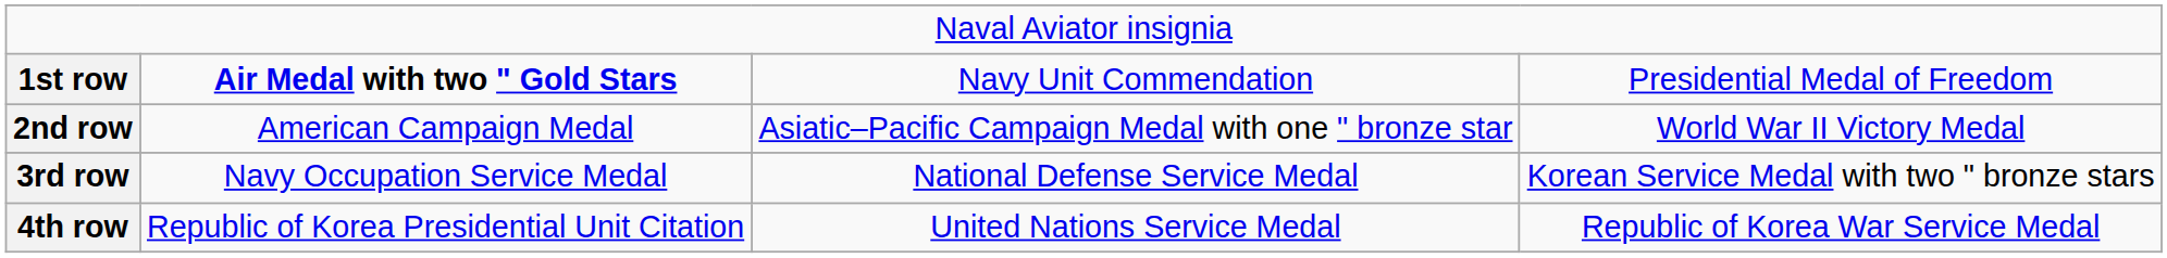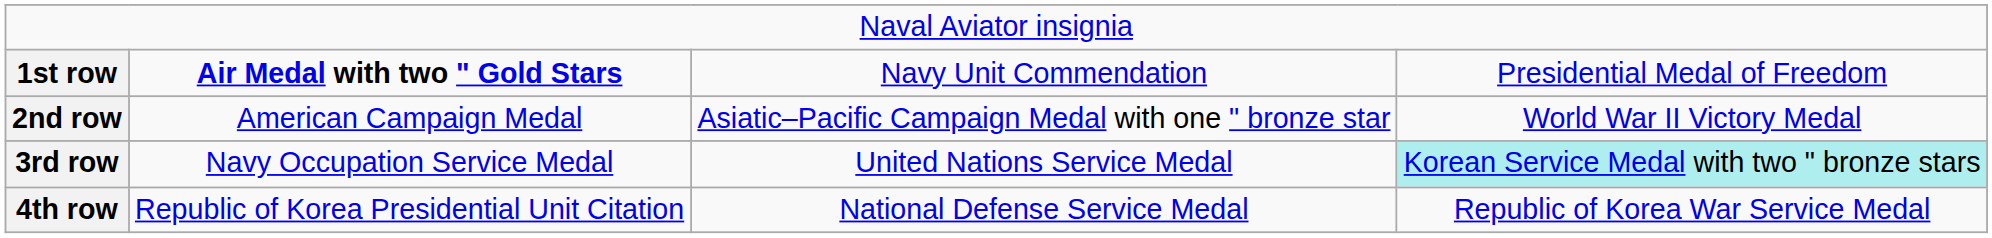 <table class="wikitable" style="margin:1em auto; text-align:center;">
 <tr>
 <td colspan="6"><a href='#'>Naval Aviator insignia</a></td>
 </tr>
 <tr>
 <th>1st row</th>
 <td><strong><a href='#'>Air Medal</a> with two <a href='#'>" Gold Stars</a></strong></td>
 <td><a href='#'>Navy Unit Commendation</a></td>
 <td><a href='#'>Presidential Medal of Freedom</a></td>
 </tr>
 <tr>
 <th>2nd row</th>
 <td><a href='#'>American Campaign Medal</a></td>
 <td><a href='#'>Asiatic–Pacific Campaign Medal</a> with one <a href='#'>" bronze star</a></td>
 <td><a href='#'>World War II Victory Medal</a></td>
 </tr>
 <tr>
 <th>3rd row</th>
 <td><a href='#'>Navy Occupation Service Medal</a></td>
-<td><a href='#'>National Defense Service Medal</a></td>
-<td><a href='#'>Korean Service Medal</a> with two " bronze stars</td>
+<td><a href='#'>United Nations Service Medal</a></td>
+<td style="background: paleturquoise;"><a href='#'>Korean Service Medal</a> with two " bronze stars</td>
 </tr>
 <tr>
 <th>4th row</th>
 <td><a href='#'>Republic of Korea Presidential Unit Citation</a></td>
-<td><a href='#'>United Nations Service Medal</a></td>
+<td><a href='#'>National Defense Service Medal</a></td>
 <td><a href='#'>Republic of Korea War Service Medal</a></td>
 </tr>
 </table>
